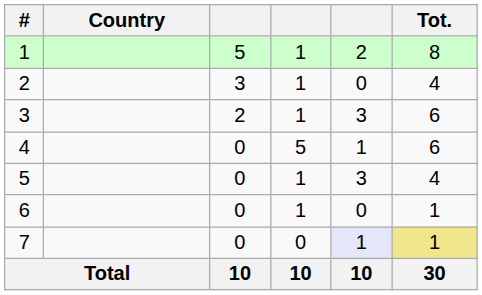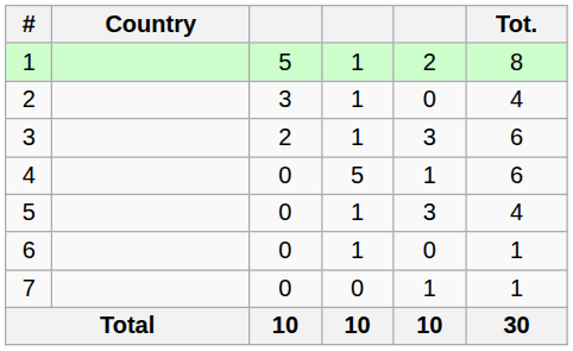 <table class="wikitable" width=30% style="font-size:100%; text-align:center;">
 <tr>
 <th>#</th>
 <th>Country</th>
 <th></th>
 <th></th>
 <th></th>
 <th>Tot.</th>
 </tr>
 <tr bgcolor=#ccffcc>
 <td>1</td>
 <td align=left></td>
 <td>5</td>
 <td>1</td>
 <td>2</td>
 <td>8</td>
 </tr>
 <tr>
 <td>2</td>
 <td align=left></td>
 <td>3</td>
 <td>1</td>
 <td>0</td>
 <td>4</td>
 </tr>
 <tr>
 <td>3</td>
 <td align=left></td>
 <td>2</td>
 <td>1</td>
 <td>3</td>
 <td>6</td>
 </tr>
 <tr>
 <td>4</td>
 <td align=left></td>
 <td>0</td>
 <td>5</td>
 <td>1</td>
 <td>6</td>
 </tr>
 <tr>
 <td>5</td>
 <td align=left></td>
 <td>0</td>
 <td>1</td>
 <td>3</td>
 <td>4</td>
 </tr>
 <tr>
 <td>6</td>
 <td align=left></td>
 <td>0</td>
 <td>1</td>
 <td>0</td>
 <td>1</td>
 </tr>
 <tr>
 <td>7</td>
 <td align=left></td>
 <td>0</td>
 <td>0</td>
-<td style="background: lavender;">1</td>
-<td style="background: khaki;">1</td>
+<td>1</td>
+<td>1</td>
 </tr>
 <tr class="sortbottom">
 <th colspan=2>Total</th>
 <th>10</th>
 <th>10</th>
 <th>10</th>
 <th>30</th>
 </tr>
 </table>
